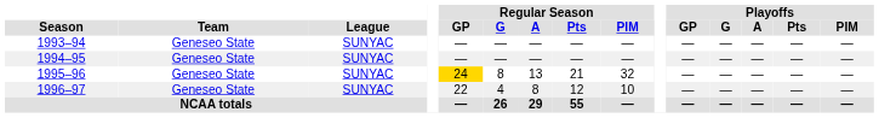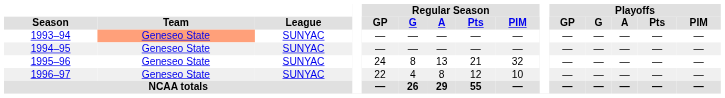 <table border="0" cellpadding="1" cellspacing="0" style="text-align:center; width:70em">
 <tr bgcolor="#e0e0e0">
 <th colspan="3"  bgcolor="#ffffff"> </th>
 <th rowspan="99" bgcolor="#ffffff"> </th>
 <th colspan="5">Regular Season</th>
 <th rowspan="99" bgcolor="#ffffff"> </th>
 <th colspan="5">Playoffs</th>
 </tr>
 <tr bgcolor="#e0e0e0">
 <th>Season</th>
 <th>Team</th>
 <th>League</th>
 <th>GP</th>
 <th><a href='#'>G</a></th>
 <th><a href='#'>A</a></th>
 <th><a href='#'>Pts</a></th>
 <th><a href='#'>PIM</a></th>
 <th>GP</th>
 <th>G</th>
 <th>A</th>
 <th>Pts</th>
 <th>PIM</th>
 </tr>
 <tr>
 <td><a href='#'>1993–94</a></td>
-<td><a href='#'>Geneseo State</a></td>
+<td style="background: lightsalmon;"><a href='#'>Geneseo State</a></td>
 <td><a href='#'>SUNYAC</a></td>
 <td>—</td>
 <td>—</td>
 <td>—</td>
 <td>—</td>
 <td>—</td>
 <td>—</td>
 <td>—</td>
 <td>—</td>
 <td>—</td>
 <td>—</td>
 </tr>
 <tr bgcolor="f0f0f0">
 <td><a href='#'>1994–95</a></td>
 <td><a href='#'>Geneseo State</a></td>
 <td><a href='#'>SUNYAC</a></td>
 <td>—</td>
 <td>—</td>
 <td>—</td>
 <td>—</td>
 <td>—</td>
 <td>—</td>
 <td>—</td>
 <td>—</td>
 <td>—</td>
 <td>—</td>
 </tr>
 <tr>
 <td><a href='#'>1995–96</a></td>
 <td><a href='#'>Geneseo State</a></td>
 <td><a href='#'>SUNYAC</a></td>
-<td style="background: gold;">24</td>
+<td>24</td>
 <td>8</td>
 <td>13</td>
 <td>21</td>
 <td>32</td>
 <td>—</td>
 <td>—</td>
 <td>—</td>
 <td>—</td>
 <td>—</td>
 </tr>
 <tr bgcolor="f0f0f0">
 <td><a href='#'>1996–97</a></td>
 <td><a href='#'>Geneseo State</a></td>
 <td><a href='#'>SUNYAC</a></td>
 <td>22</td>
 <td>4</td>
 <td>8</td>
 <td>12</td>
 <td>10</td>
 <td>—</td>
 <td>—</td>
 <td>—</td>
 <td>—</td>
 <td>—</td>
 </tr>
 <tr bgcolor="#e0e0e0">
 <th colspan="3">NCAA totals</th>
 <th>—</th>
 <th>26</th>
 <th>29</th>
 <th>55</th>
 <th>—</th>
 <th>—</th>
 <th>—</th>
 <th>—</th>
 <th>—</th>
 <th>—</th>
 </tr>
 </table>
